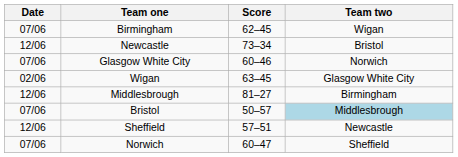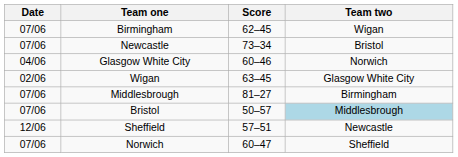 <table class="wikitable" style="text-align: center">
 <tr>
 <th width=80>Date</th>
 <th width=250>Team one</th>
 <th width=80>Score</th>
 <th width=250>Team two</th>
 </tr>
 <tr>
 <td>07/06</td>
 <td>Birmingham</td>
 <td>62–45</td>
 <td>Wigan</td>
 </tr>
 <tr>
-<td>12/06</td>
+<td>07/06</td>
 <td>Newcastle</td>
 <td>73–34</td>
 <td>Bristol</td>
 </tr>
 <tr>
-<td>07/06</td>
+<td>04/06</td>
 <td>Glasgow White City</td>
 <td>60–46</td>
 <td>Norwich</td>
 </tr>
 <tr>
 <td>02/06</td>
 <td>Wigan</td>
 <td>63–45</td>
 <td>Glasgow White City</td>
 </tr>
 <tr>
-<td>12/06</td>
+<td>07/06</td>
 <td>Middlesbrough</td>
 <td>81–27</td>
 <td>Birmingham</td>
 </tr>
 <tr>
 <td>07/06</td>
 <td>Bristol</td>
 <td>50–57</td>
 <td style="background: lightblue;">Middlesbrough</td>
 </tr>
 <tr>
 <td>12/06</td>
 <td>Sheffield</td>
 <td>57–51</td>
 <td>Newcastle</td>
 </tr>
 <tr>
 <td>07/06</td>
 <td>Norwich</td>
 <td>60–47</td>
 <td>Sheffield</td>
 </tr>
 </table>
